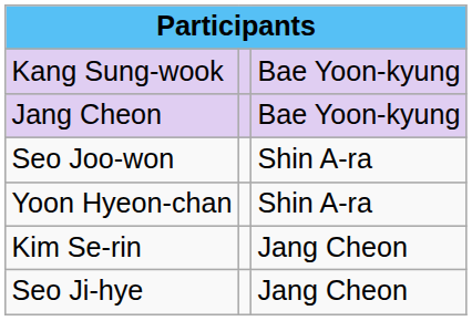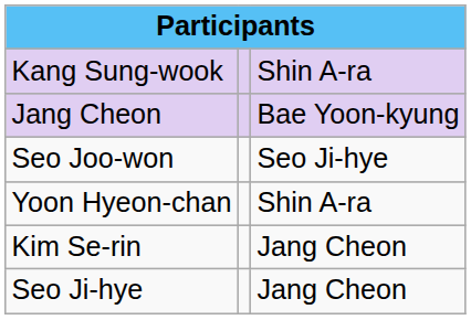 <table class="wikitable sortable" style="line-color:none">
 <tr style="background:#56c0f5; font-weight:bold; text-align:center">
 <td colspan="3">Participants</td>
 </tr>
 <tr style="background:#E0CEF2;">
 <td>Kang Sung-wook</td>
 <td></td>
-<td>Bae Yoon-kyung</td>
+<td>Shin A-ra</td>
 </tr>
 <tr style="background:#E0CEF2;">
 <td>Jang Cheon</td>
 <td></td>
 <td>Bae Yoon-kyung</td>
 </tr>
 <tr>
 <td>Seo Joo-won</td>
 <td></td>
-<td>Shin A-ra</td>
+<td>Seo Ji-hye</td>
 </tr>
 <tr>
 <td>Yoon Hyeon-chan</td>
 <td></td>
 <td>Shin A-ra</td>
 </tr>
 <tr>
 <td>Kim Se-rin</td>
 <td></td>
 <td>Jang Cheon</td>
 </tr>
 <tr>
 <td>Seo Ji-hye</td>
 <td></td>
 <td>Jang Cheon</td>
 </tr>
 </table>
